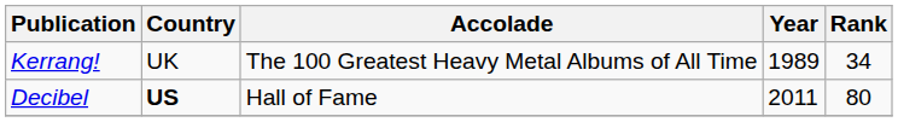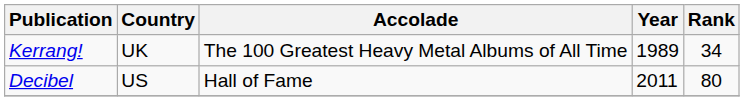 <table class="wikitable">
 <tr>
 <th>Publication</th>
 <th>Country</th>
 <th>Accolade</th>
 <th>Year</th>
 <th>Rank</th>
 </tr>
 <tr>
 <td><em><a href='#'>Kerrang!</a></em></td>
 <td>UK</td>
 <td>The 100 Greatest Heavy Metal Albums of All Time</td>
 <td>1989</td>
 <td align="center">34</td>
 </tr>
 <tr>
 <td><em><a href='#'>Decibel</a></em></td>
-<td><strong>US</strong></td>
+<td>US</td>
 <td>Hall of Fame</td>
 <td>2011</td>
 <td align="center">80</td>
 </tr>
 <tr>
 </tr>
 </table>
